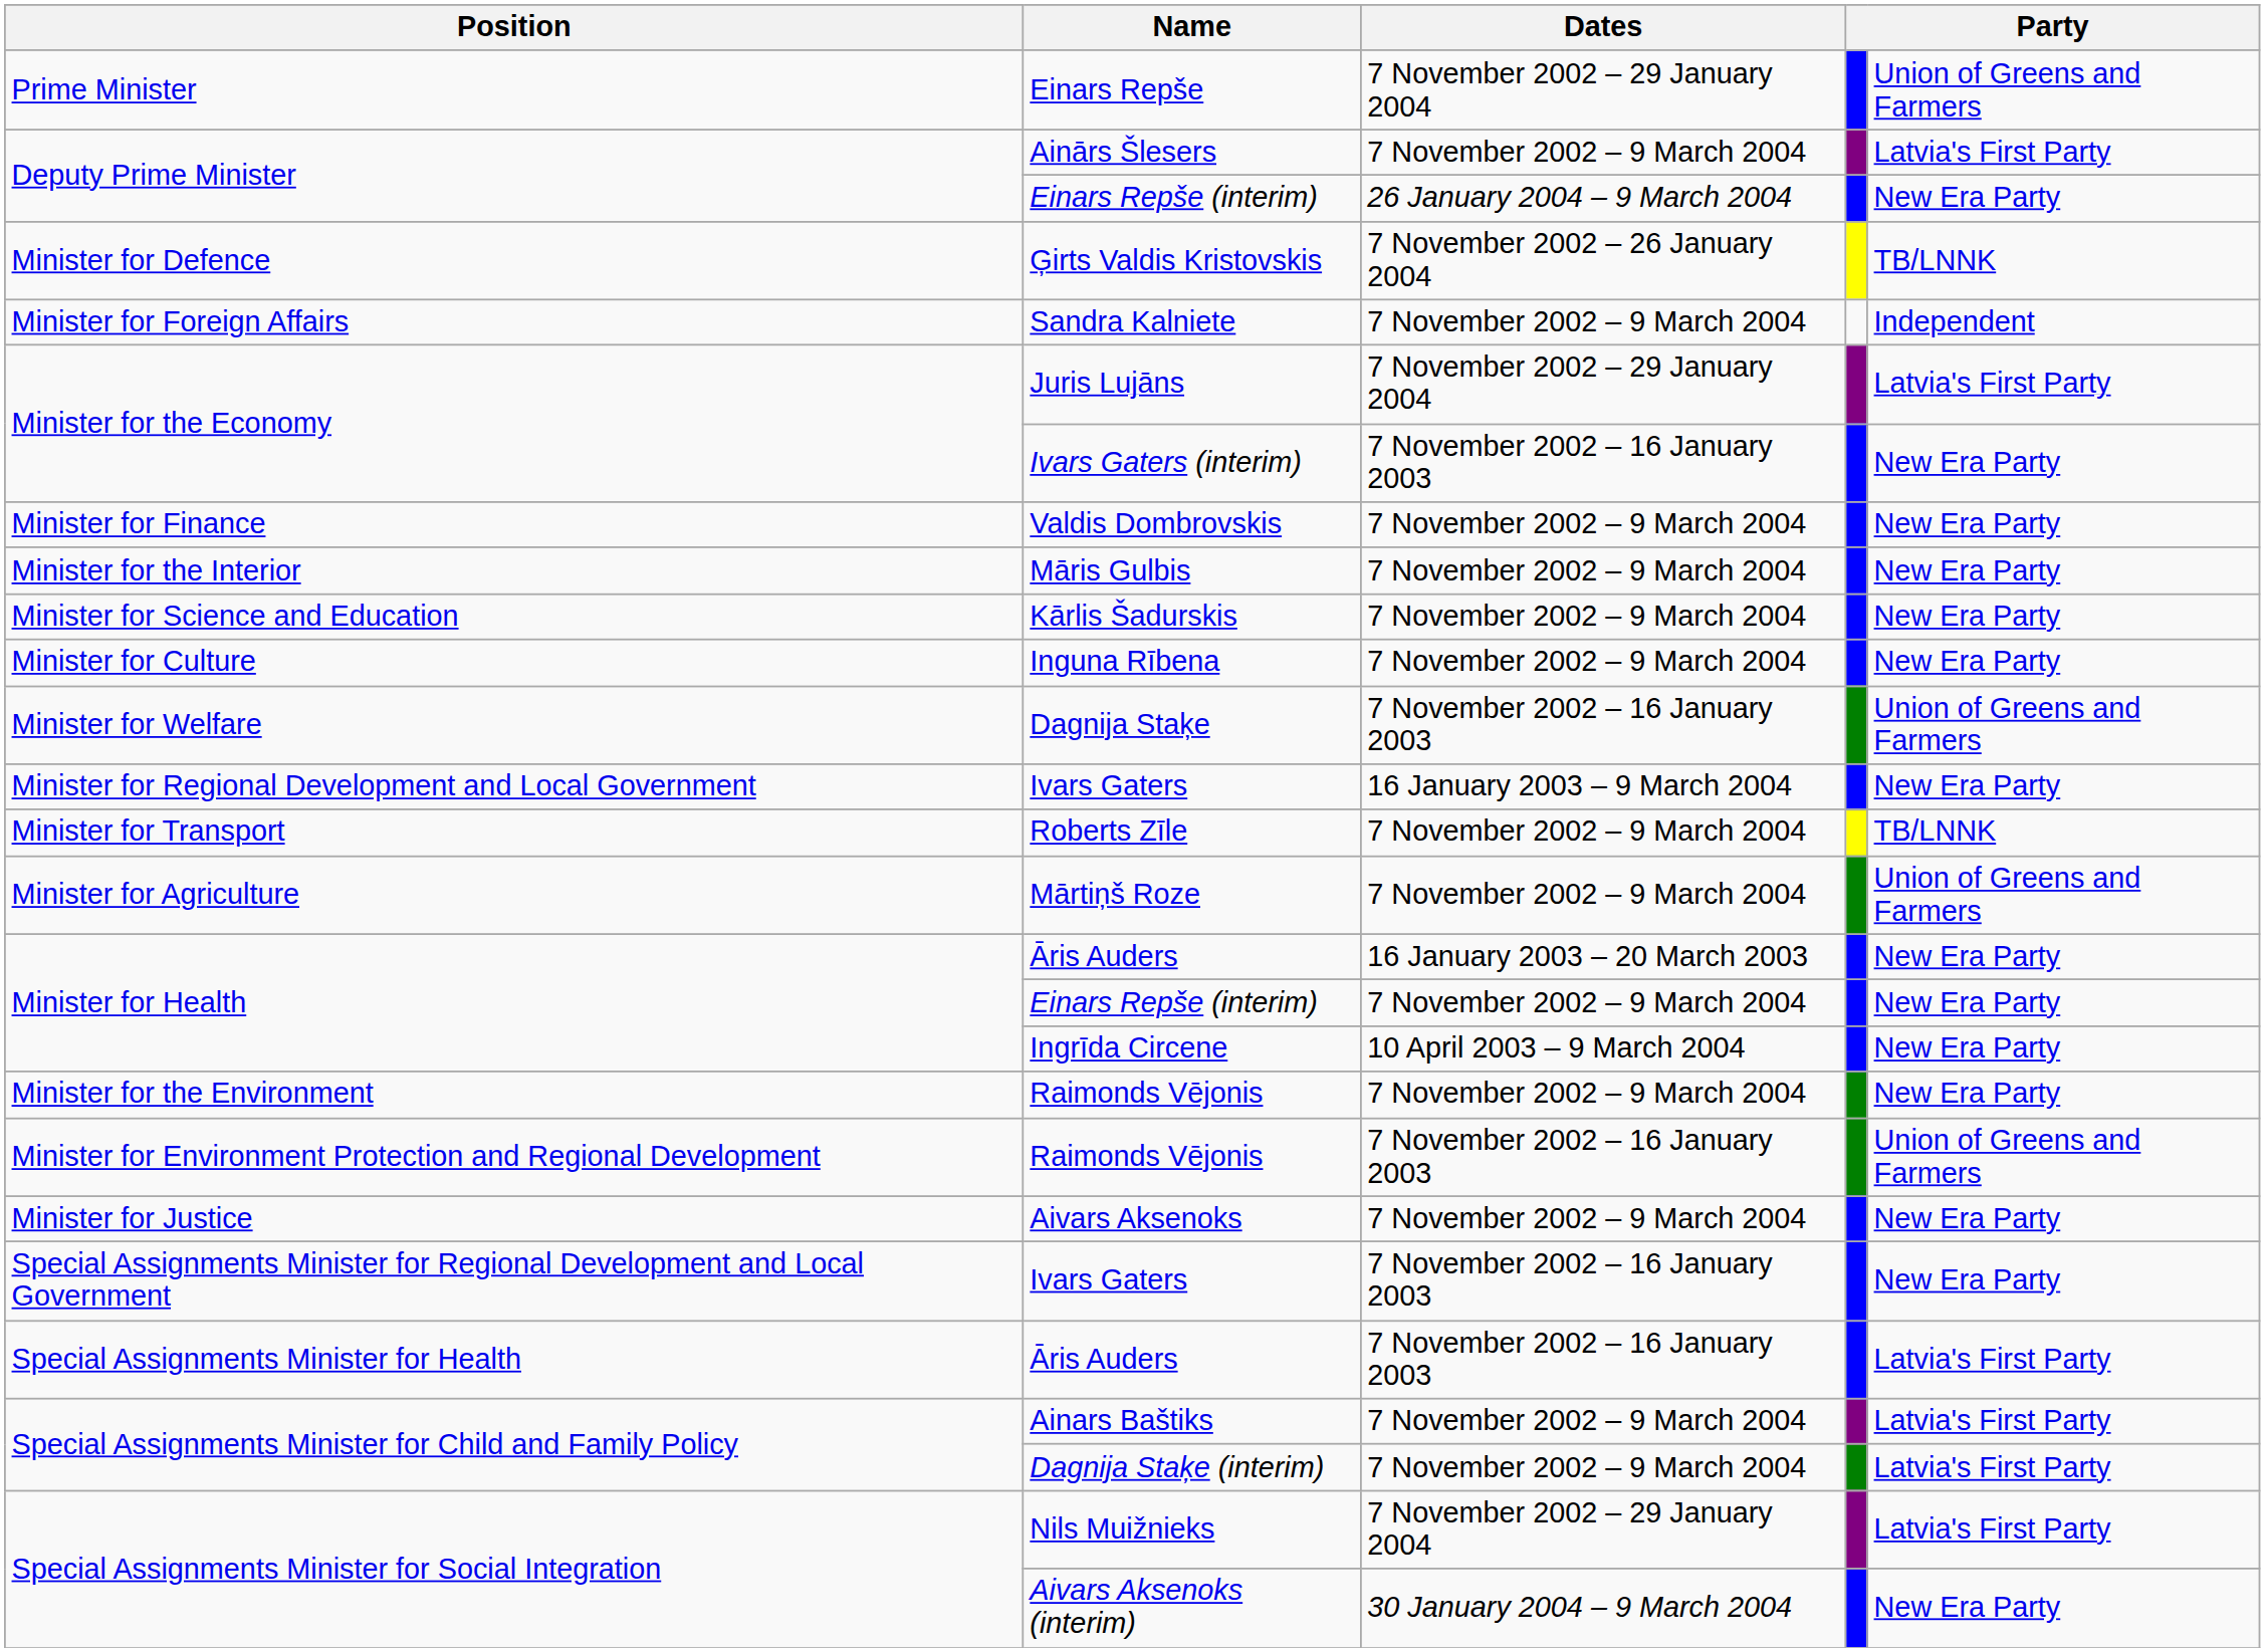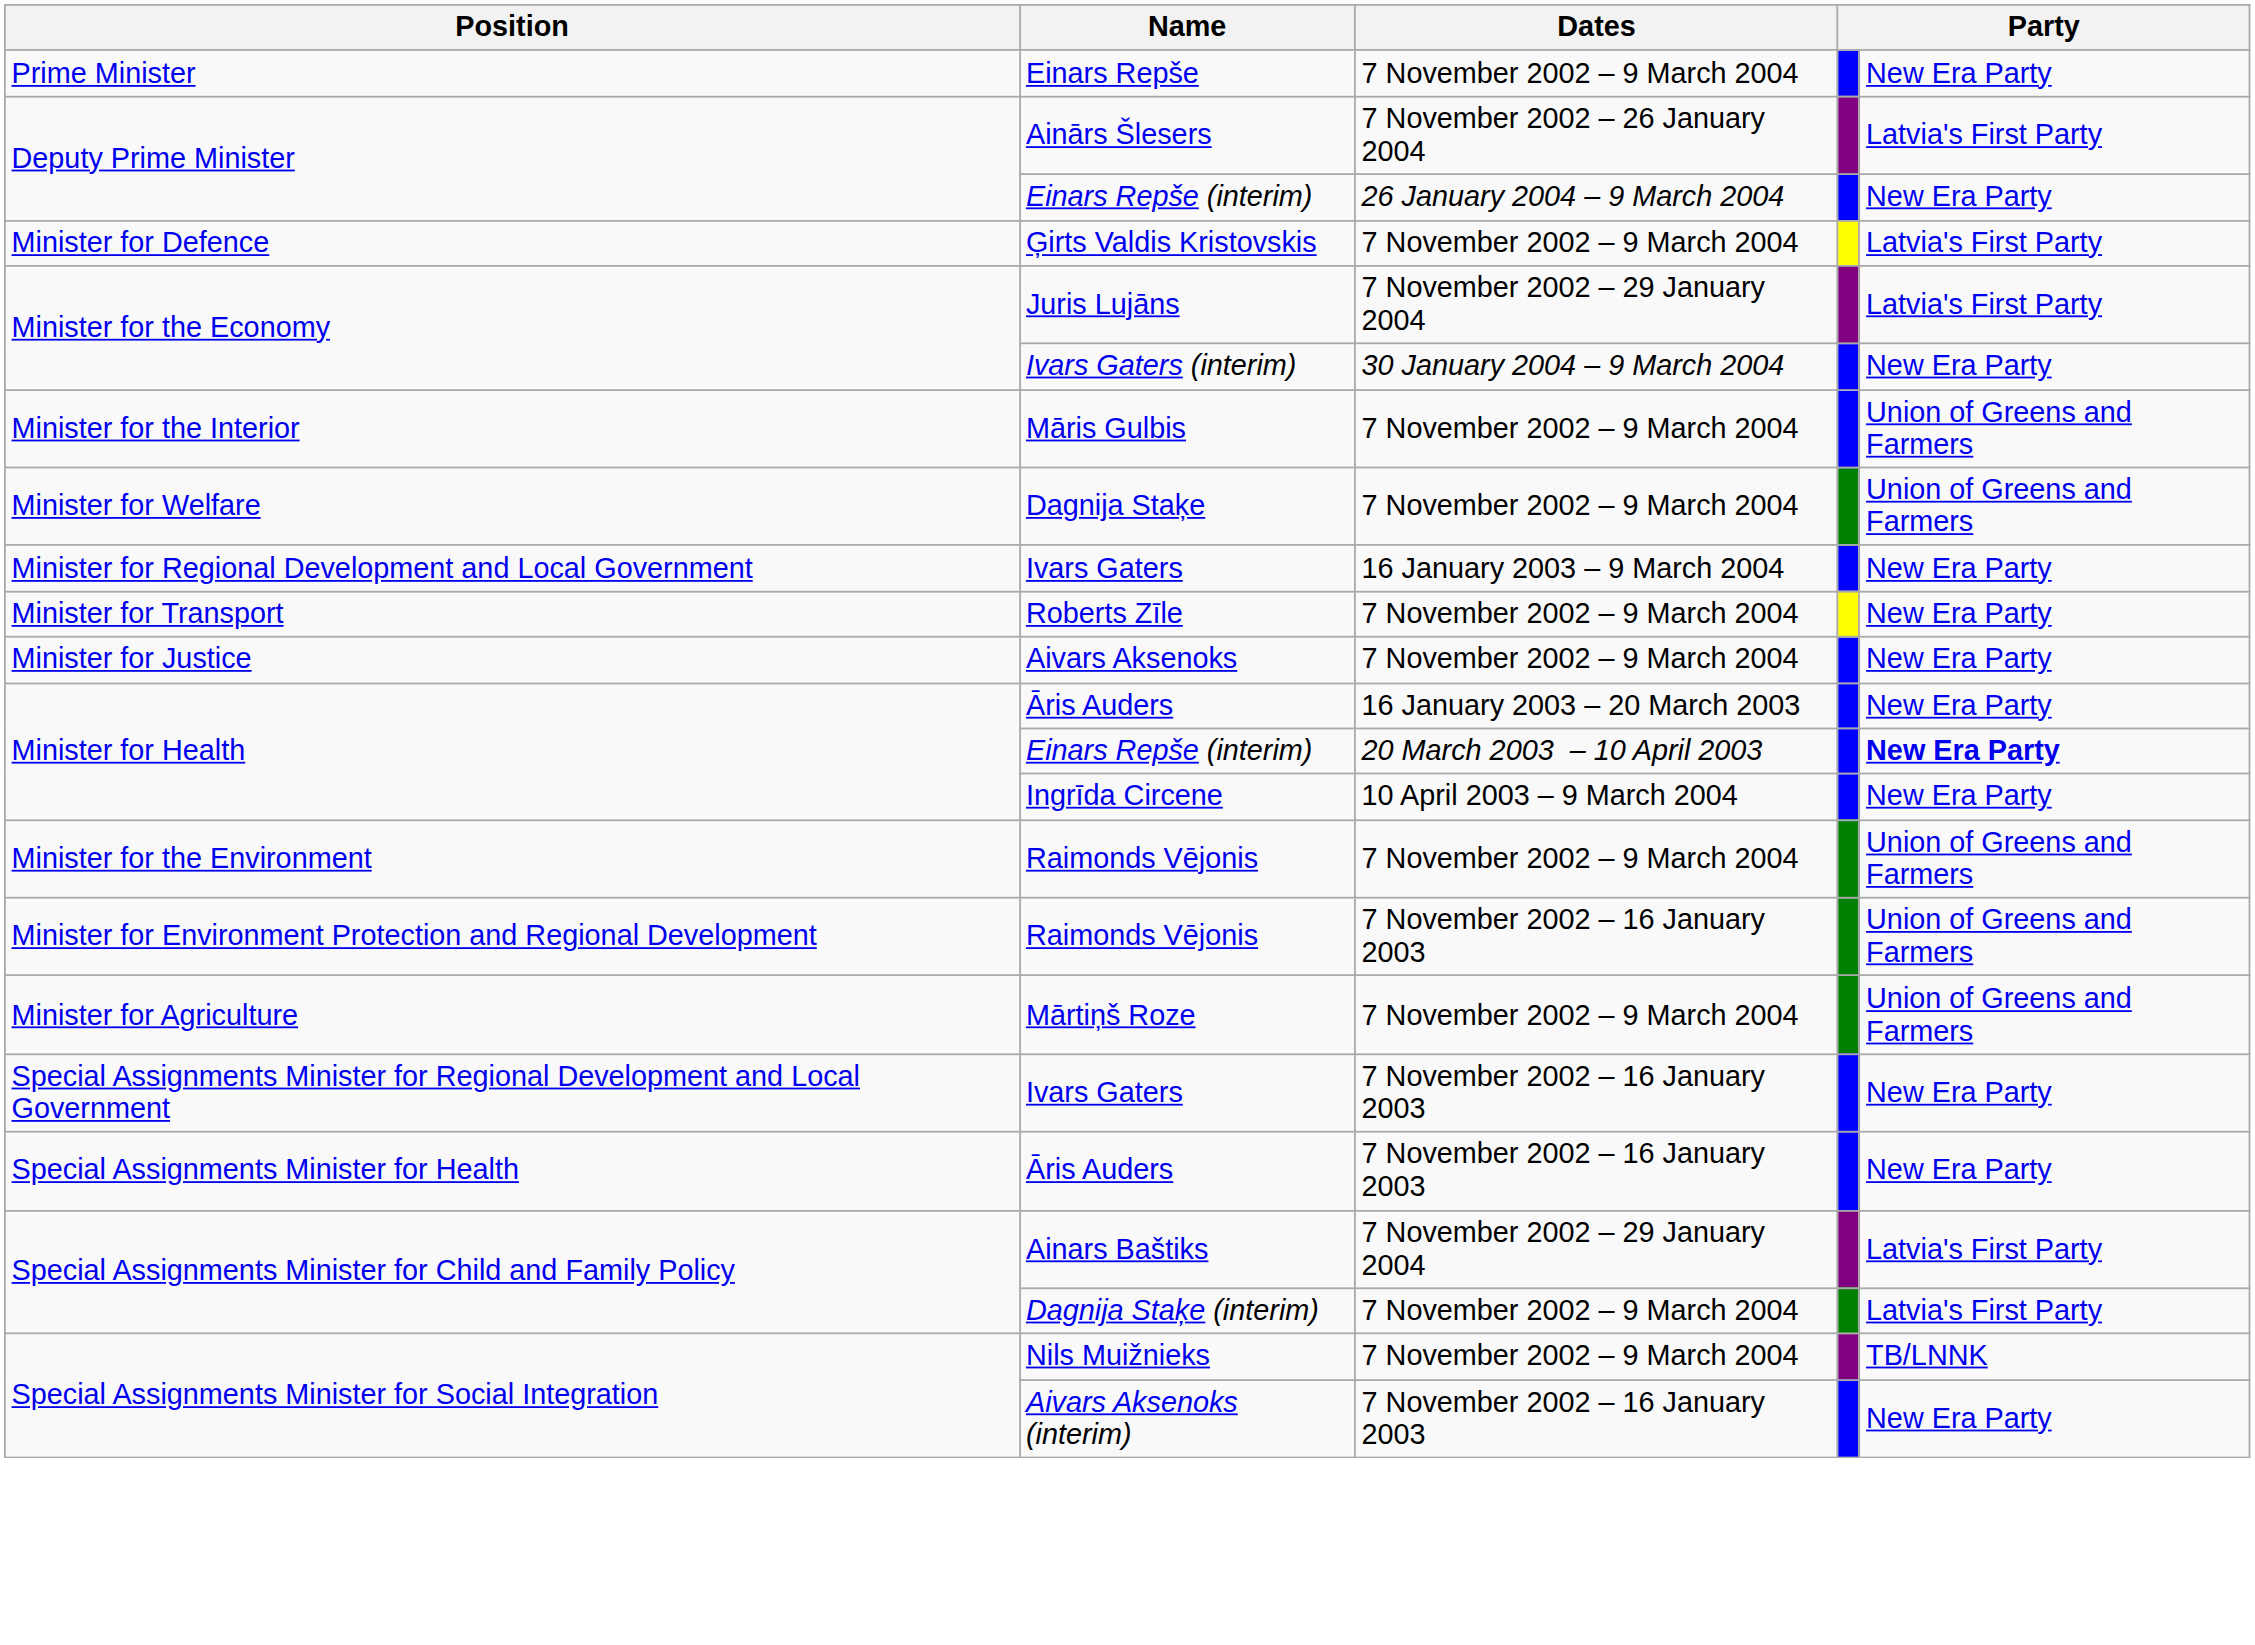 <table class="wikitable">
 <tr>
 <th>Position</th>
 <th>Name</th>
 <th>Dates</th>
 <th colspan=2>Party</th>
 </tr>
 <tr>
 <td><a href='#'>Prime Minister</a></td>
 <td><a href='#'>Einars Repše</a></td>
-<td>7 November 2002 – 29 January 2004</td>
+<td>7 November 2002 – 9 March 2004</td>
 <td bgcolor=blue> </td>
-<td><a href='#'>Union of Greens and Farmers</a></td>
+<td><a href='#'>New Era Party</a></td>
 </tr>
 <tr>
 <td rowspan="2"><a href='#'>Deputy Prime Minister</a></td>
 <td><a href='#'>Ainārs Šlesers</a></td>
-<td>7 November 2002 – 9 March 2004</td>
+<td>7 November 2002 – 26 January 2004</td>
 <td bgcolor=purple> </td>
 <td><a href='#'>Latvia's First Party</a></td>
 </tr>
 <tr>
 <td><em><a href='#'>Einars Repše</a> (interim)</em></td>
 <td><em>26 January 2004 – 9 March 2004</em></td>
 <td bgcolor=blue> </td>
 <td><a href='#'>New Era Party</a></td>
 </tr>
 <tr>
 <td><a href='#'>Minister for Defence</a></td>
 <td><a href='#'>Ģirts Valdis Kristovskis</a></td>
-<td>7 November 2002 – 26 January 2004</td>
+<td>7 November 2002 – 9 March 2004</td>
 <td bgcolor=yellow> </td>
-<td><a href='#'>TB/LNNK</a></td>
-</tr>
-<tr>
-<td><a href='#'>Minister for Foreign Affairs</a></td>
-<td><a href='#'>Sandra Kalniete</a></td>
-<td>7 November 2002 – 9 March 2004</td>
-<td style="background-color: "></td>
-<td><a href='#'>Independent</a></td>
+<td><a href='#'>Latvia's First Party</a></td>
 </tr>
 <tr>
 <td rowspan="2"><a href='#'>Minister for the Economy</a></td>
 <td><a href='#'>Juris Lujāns</a></td>
 <td>7 November 2002 – 29 January 2004</td>
 <td bgcolor=purple> </td>
 <td><a href='#'>Latvia's First Party</a></td>
 </tr>
 <tr>
 <td><em><a href='#'>Ivars Gaters</a> (interim)</em></td>
-<td>7 November 2002 – 16 January 2003</td>
-<td bgcolor=blue> </td>
-<td><a href='#'>New Era Party</a></td>
-</tr>
-<tr>
-<td><a href='#'>Minister for Finance</a></td>
-<td><a href='#'>Valdis Dombrovskis</a></td>
-<td>7 November 2002 – 9 March 2004</td>
+<td><em>30 January 2004 – 9 March 2004</em></td>
 <td bgcolor=blue> </td>
 <td><a href='#'>New Era Party</a></td>
 </tr>
 <tr>
 <td><a href='#'>Minister for the Interior</a></td>
 <td><a href='#'>Māris Gulbis</a></td>
 <td>7 November 2002 – 9 March 2004</td>
 <td bgcolor=blue> </td>
-<td><a href='#'>New Era Party</a></td>
-</tr>
-<tr>
-<td><a href='#'>Minister for Science and Education</a></td>
-<td><a href='#'>Kārlis Šadurskis</a></td>
-<td>7 November 2002 – 9 March 2004</td>
-<td bgcolor=blue> </td>
-<td><a href='#'>New Era Party</a></td>
-</tr>
-<tr>
-<td><a href='#'>Minister for Culture</a></td>
-<td><a href='#'>Inguna Rībena</a></td>
-<td>7 November 2002 – 9 March 2004</td>
-<td bgcolor=blue> </td>
-<td><a href='#'>New Era Party</a></td>
+<td><a href='#'>Union of Greens and Farmers</a></td>
 </tr>
 <tr>
 <td><a href='#'>Minister for Welfare</a></td>
 <td><a href='#'>Dagnija Staķe</a></td>
-<td>7 November 2002 – 16 January 2003</td>
+<td>7 November 2002 – 9 March 2004</td>
 <td bgcolor=green> </td>
 <td><a href='#'>Union of Greens and Farmers</a></td>
 </tr>
 <tr>
 <td><a href='#'>Minister for Regional Development and Local Government</a></td>
 <td><a href='#'>Ivars Gaters</a></td>
 <td>16 January 2003 – 9 March 2004</td>
 <td bgcolor=blue> </td>
 <td><a href='#'>New Era Party</a></td>
 </tr>
 <tr>
 <td><a href='#'>Minister for Transport</a></td>
 <td><a href='#'>Roberts Zīle</a></td>
 <td>7 November 2002 – 9 March 2004</td>
 <td bgcolor=yellow> </td>
-<td><a href='#'>TB/LNNK</a></td>
+<td><a href='#'>New Era Party</a></td>
 </tr>
 <tr>
-<td><a href='#'>Minister for Agriculture</a></td>
-<td><a href='#'>Mārtiņš Roze</a></td>
+<td><a href='#'>Minister for Justice</a></td>
+<td><a href='#'>Aivars Aksenoks</a></td>
 <td>7 November 2002 – 9 March 2004</td>
-<td bgcolor=green> </td>
-<td><a href='#'>Union of Greens and Farmers</a></td>
+<td bgcolor=blue> </td>
+<td><a href='#'>New Era Party</a></td>
 </tr>
 <tr>
 <td rowspan="3"><a href='#'>Minister for Health</a></td>
 <td><a href='#'>Āris Auders</a></td>
 <td>16 January 2003 – 20 March 2003</td>
 <td bgcolor=blue> </td>
 <td><a href='#'>New Era Party</a></td>
 </tr>
 <tr>
 <td><em><a href='#'>Einars Repše</a> (interim)</em></td>
-<td>7 November 2002 – 9 March 2004</td>
+<td><em>20 March 2003  – 10 April 2003</em></td>
 <td bgcolor=blue> </td>
-<td><a href='#'>New Era Party</a></td>
+<td><strong><a href='#'>New Era Party</a></strong></td>
 </tr>
 <tr>
 <td><a href='#'>Ingrīda Circene</a></td>
 <td>10 April 2003 – 9 March 2004</td>
 <td bgcolor=blue> </td>
 <td><a href='#'>New Era Party</a></td>
 </tr>
 <tr>
 <td><a href='#'>Minister for the Environment</a></td>
 <td><a href='#'>Raimonds Vējonis</a></td>
 <td>7 November 2002 – 9 March 2004</td>
 <td bgcolor=green> </td>
-<td><a href='#'>New Era Party</a></td>
+<td><a href='#'>Union of Greens and Farmers</a></td>
 </tr>
 <tr>
 <td><a href='#'>Minister for Environment Protection and Regional Development</a></td>
 <td><a href='#'>Raimonds Vējonis</a></td>
 <td>7 November 2002 – 16 January 2003</td>
 <td bgcolor=green> </td>
 <td><a href='#'>Union of Greens and Farmers</a></td>
 </tr>
 <tr>
-<td><a href='#'>Minister for Justice</a></td>
-<td><a href='#'>Aivars Aksenoks</a></td>
+<td><a href='#'>Minister for Agriculture</a></td>
+<td><a href='#'>Mārtiņš Roze</a></td>
 <td>7 November 2002 – 9 March 2004</td>
-<td bgcolor=blue> </td>
-<td><a href='#'>New Era Party</a></td>
+<td bgcolor=green> </td>
+<td><a href='#'>Union of Greens and Farmers</a></td>
 </tr>
 <tr>
 <td><a href='#'>Special Assignments Minister for Regional Development and Local Government</a></td>
 <td><a href='#'>Ivars Gaters</a></td>
 <td>7 November 2002 – 16 January 2003</td>
 <td bgcolor=blue> </td>
 <td><a href='#'>New Era Party</a></td>
 </tr>
 <tr>
 <td><a href='#'>Special Assignments Minister for Health</a></td>
 <td><a href='#'>Āris Auders</a></td>
 <td>7 November 2002 – 16 January 2003</td>
 <td bgcolor=blue> </td>
-<td><a href='#'>Latvia's First Party</a></td>
+<td><a href='#'>New Era Party</a></td>
 </tr>
 <tr>
 <td rowspan="2"><a href='#'>Special Assignments Minister for Child and Family Policy</a></td>
 <td><a href='#'>Ainars Baštiks</a></td>
-<td>7 November 2002 – 9 March 2004</td>
+<td>7 November 2002 – 29 January 2004</td>
 <td bgcolor=purple> </td>
 <td><a href='#'>Latvia's First Party</a></td>
 </tr>
 <tr>
 <td><em><a href='#'>Dagnija Staķe</a> (interim)</em></td>
 <td>7 November 2002 – 9 March 2004</td>
 <td bgcolor=green> </td>
 <td><a href='#'>Latvia's First Party</a></td>
 </tr>
 <tr>
 <td rowspan="2"><a href='#'>Special Assignments Minister for Social Integration</a></td>
 <td><a href='#'>Nils Muižnieks</a></td>
-<td>7 November 2002 – 29 January 2004</td>
+<td>7 November 2002 – 9 March 2004</td>
 <td bgcolor=purple> </td>
-<td><a href='#'>Latvia's First Party</a></td>
+<td><a href='#'>TB/LNNK</a></td>
 </tr>
 <tr>
 <td><em><a href='#'>Aivars Aksenoks</a> (interim)</em></td>
-<td><em>30 January 2004 – 9 March 2004</em></td>
+<td>7 November 2002 – 16 January 2003</td>
 <td bgcolor=blue> </td>
 <td><a href='#'>New Era Party</a></td>
 </tr>
 </table>
